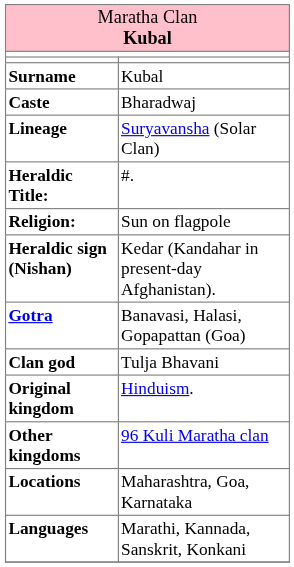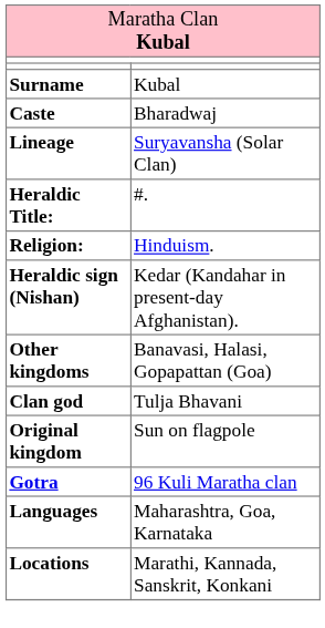 <table class="toccolours" border="1" cellpadding="2" cellspacing="2" style="float: right; margin: 0 0 1em 1em; width: 250px; border-collapse: collapse; font-size: 95%;">
 <tr>
 <td colspan="2" style="margin-left: inherit; background:#FFC0CB; text-align:center; font-size: medium;">Maratha Clan <br><strong>Kubal</strong><br></td>
 </tr>
 <tr align="center">
 <td colspan="2"></td>
 </tr>
 <tr style="vertical-align: top;">
 <td></td>
 </tr>
 <tr style="vertical-align: top;">
 <td><strong>Surname</strong></td>
 <td>Kubal</td>
 </tr>
 <tr style="vertical-align: top;">
 <td><strong>Caste</strong></td>
 <td>Bharadwaj</td>
 </tr>
 <tr style="vertical-align: top;">
 <td><strong>Lineage</strong></td>
 <td><a href='#'>Suryavansha</a> (Solar Clan)</td>
 </tr>
 <tr style="vertical-align: top;">
 <td><strong>Heraldic Title:</strong></td>
 <td>#.</td>
 </tr>
 <tr style="vertical-align: top;">
 <td><strong>Religion:</strong></td>
-<td>Sun on flagpole</td>
+<td><a href='#'>Hinduism</a>.</td>
 </tr>
 <tr style="vertical-align: top;">
 <td><strong>Heraldic sign (Nishan)</strong></td>
 <td>Kedar (Kandahar in present-day Afghanistan).</td>
 </tr>
 <tr style="vertical-align: top;">
-<td><strong><a href='#'>Gotra</a></strong></td>
+<td><strong>Other kingdoms</strong></td>
 <td>Banavasi, Halasi, Gopapattan (Goa)</td>
 </tr>
 <tr style="vertical-align: top;">
 <td><strong>Clan god</strong></td>
 <td>Tulja Bhavani</td>
 </tr>
 <tr style="vertical-align: top;">
 <td><strong>Original kingdom</strong></td>
-<td><a href='#'>Hinduism</a>.</td>
+<td>Sun on flagpole</td>
 </tr>
 <tr style="vertical-align: top;">
-<td><strong>Other kingdoms</strong></td>
+<td><strong><a href='#'>Gotra</a></strong></td>
 <td><a href='#'>96 Kuli Maratha clan</a></td>
 </tr>
 <tr style="vertical-align: top;">
-<td><strong>Locations</strong></td>
+<td><strong>Languages</strong></td>
 <td>Maharashtra, Goa, Karnataka</td>
 </tr>
 <tr style="vertical-align: top;">
-<td><strong>Languages</strong></td>
+<td><strong>Locations</strong></td>
 <td>Marathi, Kannada, Sanskrit, Konkani</td>
 </tr>
 <tr style="vertical-align: top;">
 </tr>
 </table>
